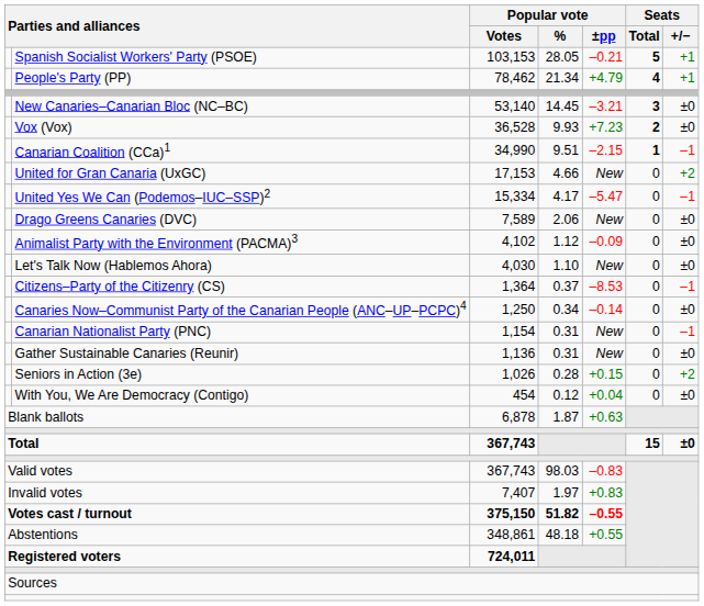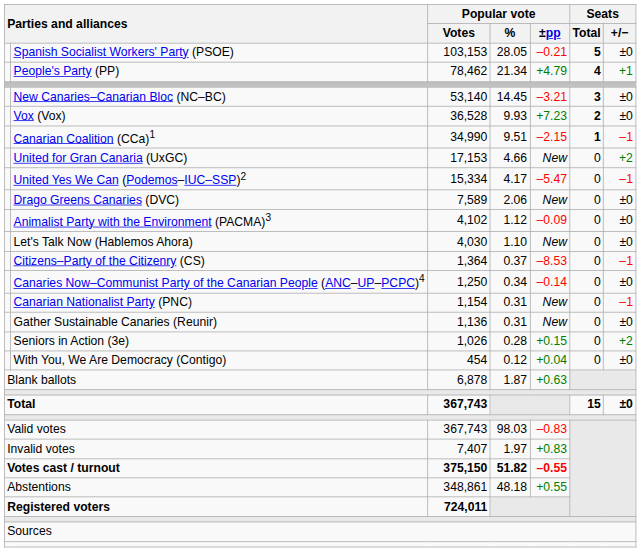 <table class="wikitable" style="text-align:right;">
 <tr>
 <th style="text-align:left;" rowspan="2" colspan="2" width="525">Parties and alliances</th>
 <th colspan="3">Popular vote</th>
 <th colspan="2">Seats</th>
 </tr>
 <tr>
 <th width="75">Votes</th>
 <th width="45">%</th>
 <th width="45">±<a href='#'>pp</a></th>
 <th width="35">Total</th>
 <th width="35">+/−</th>
 </tr>
 <tr>
 <td width="1" style="color:inherit;background:"></td>
 <td align="left"><a href='#'>Spanish Socialist Workers' Party</a> (PSOE)</td>
 <td>103,153</td>
 <td>28.05</td>
 <td style="color:red;">–0.21</td>
 <td><strong>5</strong></td>
-<td style="color:green;">+1</td>
+<td>±0</td>
 </tr>
 <tr>
 <td style="color:inherit;background:"></td>
 <td align="left"><a href='#'>People's Party</a> (PP)</td>
 <td>78,462</td>
 <td>21.34</td>
 <td style="color:green;">+4.79</td>
 <td><strong>4</strong></td>
 <td style="color:green;">+1</td>
 </tr>
 <tr>
 <td colspan="7" bgcolor="#C0C0C0"></td>
 </tr>
 <tr>
 <td style="color:inherit;background:"></td>
 <td align="left"><a href='#'>New Canaries–Canarian Bloc</a> (NC–BC)</td>
 <td>53,140</td>
 <td>14.45</td>
 <td style="color:red;">–3.21</td>
 <td><strong>3</strong></td>
 <td>±0</td>
 </tr>
 <tr>
 <td style="color:inherit;background:"></td>
 <td align="left"><a href='#'>Vox</a> (Vox)</td>
 <td>36,528</td>
 <td>9.93</td>
 <td style="color:green;">+7.23</td>
 <td><strong>2</strong></td>
 <td>±0</td>
 </tr>
 <tr>
 <td style="color:inherit;background:"></td>
 <td align="left"><a href='#'>Canarian Coalition</a> (CCa)<sup>1</sup></td>
 <td>34,990</td>
 <td>9.51</td>
 <td style="color:red;">–2.15</td>
 <td><strong>1</strong></td>
 <td style="color:red;">–1</td>
 </tr>
 <tr>
 <td style="color:inherit;background:"></td>
 <td align="left"><a href='#'>United for Gran Canaria</a> (UxGC)</td>
 <td>17,153</td>
 <td>4.66</td>
 <td><em>New</em></td>
 <td>0</td>
 <td style="color:green;">+2</td>
 </tr>
 <tr>
 <td style="color:inherit;background:"></td>
 <td align="left"><a href='#'>United Yes We Can</a> (<a href='#'>Podemos</a>–<a href='#'>IUC–SSP</a>)<sup>2</sup></td>
 <td>15,334</td>
 <td>4.17</td>
 <td style="color:red;">–5.47</td>
 <td>0</td>
 <td style="color:red;">–1</td>
 </tr>
 <tr>
 <td style="color:inherit;background:"></td>
 <td align="left"><a href='#'>Drago Greens Canaries</a> (DVC)</td>
 <td>7,589</td>
 <td>2.06</td>
 <td><em>New</em></td>
 <td>0</td>
 <td>±0</td>
 </tr>
 <tr>
 <td style="color:inherit;background:"></td>
 <td align="left"><a href='#'>Animalist Party with the Environment</a> (PACMA)<sup>3</sup></td>
 <td>4,102</td>
 <td>1.12</td>
 <td style="color:red;">–0.09</td>
 <td>0</td>
 <td>±0</td>
 </tr>
 <tr>
 <td style="color:inherit;background:"></td>
 <td align="left">Let's Talk Now (Hablemos Ahora)</td>
 <td>4,030</td>
 <td>1.10</td>
 <td><em>New</em></td>
 <td>0</td>
 <td>±0</td>
 </tr>
 <tr>
 <td style="color:inherit;background:"></td>
 <td align="left"><a href='#'>Citizens–Party of the Citizenry</a> (CS)</td>
 <td>1,364</td>
 <td>0.37</td>
 <td style="color:red;">–8.53</td>
 <td>0</td>
 <td style="color:red;">–1</td>
 </tr>
 <tr>
 <td style="color:inherit;background:"></td>
 <td align="left"><a href='#'>Canaries Now–Communist Party of the Canarian People</a> (<a href='#'>ANC</a>–<a href='#'>UP</a>–<a href='#'>PCPC</a>)<sup>4</sup></td>
 <td>1,250</td>
 <td>0.34</td>
 <td style="color:red;">–0.14</td>
 <td>0</td>
 <td>±0</td>
 </tr>
 <tr>
 <td style="color:inherit;background:"></td>
 <td align="left"><a href='#'>Canarian Nationalist Party</a> (PNC)</td>
 <td>1,154</td>
 <td>0.31</td>
 <td><em>New</em></td>
 <td>0</td>
 <td style="color:red;">–1</td>
 </tr>
 <tr>
 <td style="color:inherit;background:"></td>
 <td align="left">Gather Sustainable Canaries (Reunir)</td>
 <td>1,136</td>
 <td>0.31</td>
 <td><em>New</em></td>
 <td>0</td>
 <td>±0</td>
 </tr>
 <tr>
 <td style="color:inherit;background:"></td>
 <td align="left">Seniors in Action (3e)</td>
 <td>1,026</td>
 <td>0.28</td>
 <td style="color:green;">+0.15</td>
 <td>0</td>
 <td style="color:green;">+2</td>
 </tr>
 <tr>
 <td style="color:inherit;background:"></td>
 <td align="left">With You, We Are Democracy (Contigo)</td>
 <td>454</td>
 <td>0.12</td>
 <td style="color:green;">+0.04</td>
 <td>0</td>
 <td>±0</td>
 </tr>
 <tr>
 <td align="left" colspan="2">Blank ballots</td>
 <td>6,878</td>
 <td>1.87</td>
 <td style="color:green;">+0.63</td>
 <td bgcolor="#E9E9E9" colspan="2"></td>
 </tr>
 <tr>
 <td colspan="7" bgcolor="#E9E9E9"></td>
 </tr>
 <tr style="font-weight:bold;">
 <td align="left" colspan="2">Total</td>
 <td>367,743</td>
 <td bgcolor="#E9E9E9" colspan="2"></td>
 <td>15</td>
 <td>±0</td>
 </tr>
 <tr>
 <td colspan="7" bgcolor="#E9E9E9"></td>
 </tr>
 <tr>
 <td align="left" colspan="2">Valid votes</td>
 <td>367,743</td>
 <td>98.03</td>
 <td style="color:red;">–0.83</td>
 <td bgcolor="#E9E9E9" colspan="2" rowspan="5"></td>
 </tr>
 <tr>
 <td align="left" colspan="2">Invalid votes</td>
 <td>7,407</td>
 <td>1.97</td>
 <td style="color:green;">+0.83</td>
 </tr>
 <tr style="font-weight:bold;">
 <td align="left" colspan="2">Votes cast / turnout</td>
 <td>375,150</td>
 <td>51.82</td>
 <td style="color:red;">–0.55</td>
 </tr>
 <tr>
 <td align="left" colspan="2">Abstentions</td>
 <td>348,861</td>
 <td>48.18</td>
 <td style="color:green;">+0.55</td>
 </tr>
 <tr style="font-weight:bold;">
 <td align="left" colspan="2">Registered voters</td>
 <td>724,011</td>
 <td bgcolor="#E9E9E9" colspan="2"></td>
 </tr>
 <tr>
 <td colspan="7" bgcolor="#E9E9E9"></td>
 </tr>
 <tr>
 <td align="left" colspan="7">Sources</td>
 </tr>
 <tr>
 <td colspan="9" style="text-align:left;font-size:95%;max-width:790px;"></td>
 </tr>
 </table>
